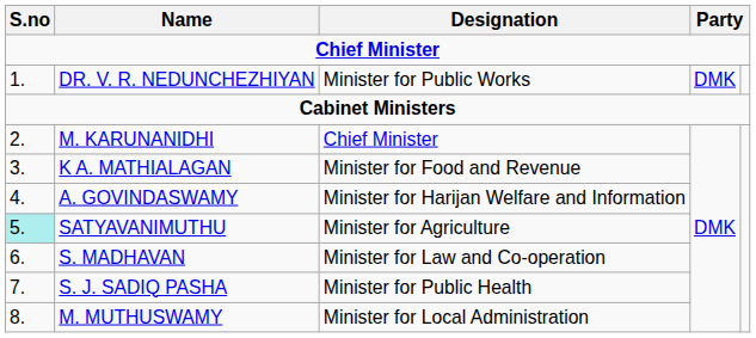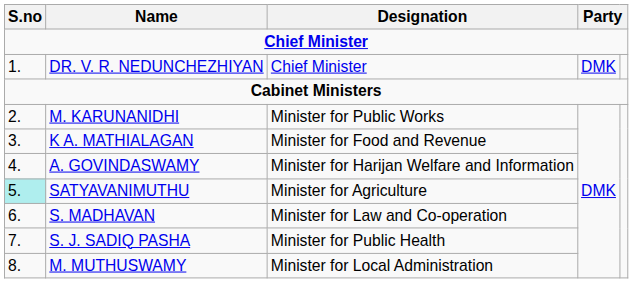 <table class="wikitable">
 <tr>
 <th>S.no</th>
 <th>Name</th>
 <th>Designation</th>
 <th colspan="2" scope="col">Party</th>
 </tr>
 <tr>
 <td colspan="5" style="text-align: center;"><strong><a href='#'>Chief Minister</a></strong></td>
 </tr>
 <tr>
 <td>1.</td>
 <td><a href='#'>DR. V. R. NEDUNCHEZHIYAN</a></td>
-<td>Minister for Public Works</td>
+<td><a href='#'>Chief Minister</a></td>
 <td><a href='#'>DMK</a></td>
 <td width="1px" style="background-color: "></td>
 </tr>
 <tr>
 <td colspan="5" style="text-align: center;"><strong>Cabinet Ministers</strong></td>
 </tr>
 <tr>
 <td>2.</td>
 <td><a href='#'>M. KARUNANIDHI</a></td>
-<td><a href='#'>Chief Minister</a></td>
+<td>Minister for Public Works</td>
 <td rowspan="32"><a href='#'>DMK</a></td>
 <td rowspan="32" width="1px" style="background-color: "></td>
 </tr>
 <tr>
 <td>3.</td>
 <td><a href='#'>K A. MATHIALAGAN</a></td>
 <td>Minister for Food and Revenue</td>
 </tr>
 <tr>
 <td>4.</td>
 <td><a href='#'>A. GOVINDASWAMY</a></td>
 <td>Minister for Harijan Welfare and Information</td>
 </tr>
 <tr>
 <td style="background: paleturquoise;">5.</td>
 <td><a href='#'>SATYAVANIMUTHU</a></td>
 <td>Minister for Agriculture</td>
 </tr>
 <tr>
 <td>6.</td>
 <td><a href='#'>S. MADHAVAN</a></td>
 <td>Minister for Law and Co-operation</td>
 </tr>
 <tr>
 <td>7.</td>
 <td><a href='#'>S. J. SADIQ PASHA</a></td>
 <td>Minister for Public Health</td>
 </tr>
 <tr>
 <td>8.</td>
 <td><a href='#'>M. MUTHUSWAMY</a></td>
 <td>Minister for Local Administration</td>
 </tr>
 </table>
